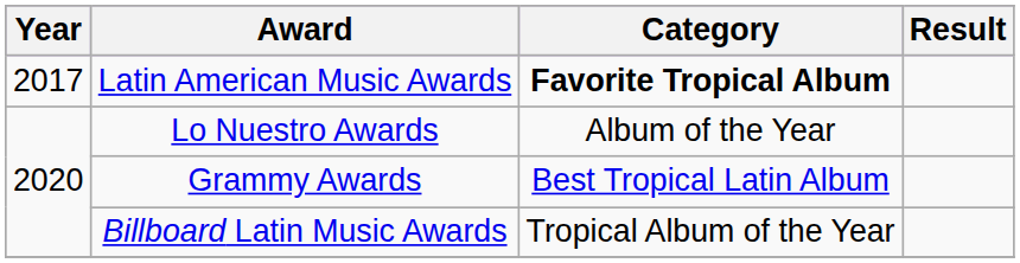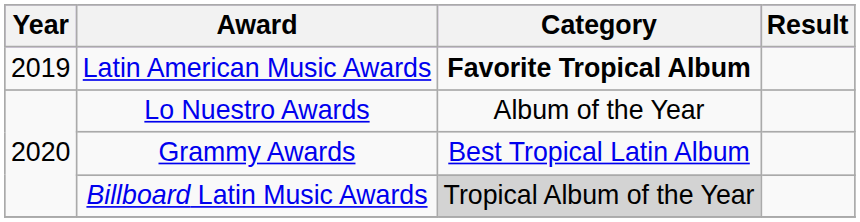 <table class="wikitable plainrowheaders" style="text-align:center;">
 <tr style="background:#96c;">
 <th scope="col">Year</th>
 <th scope="col">Award</th>
 <th scope="col">Category</th>
 <th scope="col">Result</th>
 </tr>
 <tr>
-<td>2017</td>
+<td>2019</td>
 <td><a href='#'>Latin American Music Awards</a></td>
 <td><strong>Favorite Tropical Album</strong></td>
 <td></td>
 </tr>
 <tr>
 <td rowspan="3">2020</td>
 <td><a href='#'>Lo Nuestro Awards</a></td>
 <td>Album of the Year</td>
 <td></td>
 </tr>
 <tr>
 <td><a href='#'>Grammy Awards</a></td>
 <td><a href='#'>Best Tropical Latin Album</a></td>
 <td></td>
 </tr>
 <tr>
 <td><a href='#'><em>Billboard</em> Latin Music Awards</a></td>
-<td>Tropical Album of the Year</td>
+<td style="background: lightgrey;">Tropical Album of the Year</td>
 <td></td>
 </tr>
 <tr>
 </tr>
 </table>
